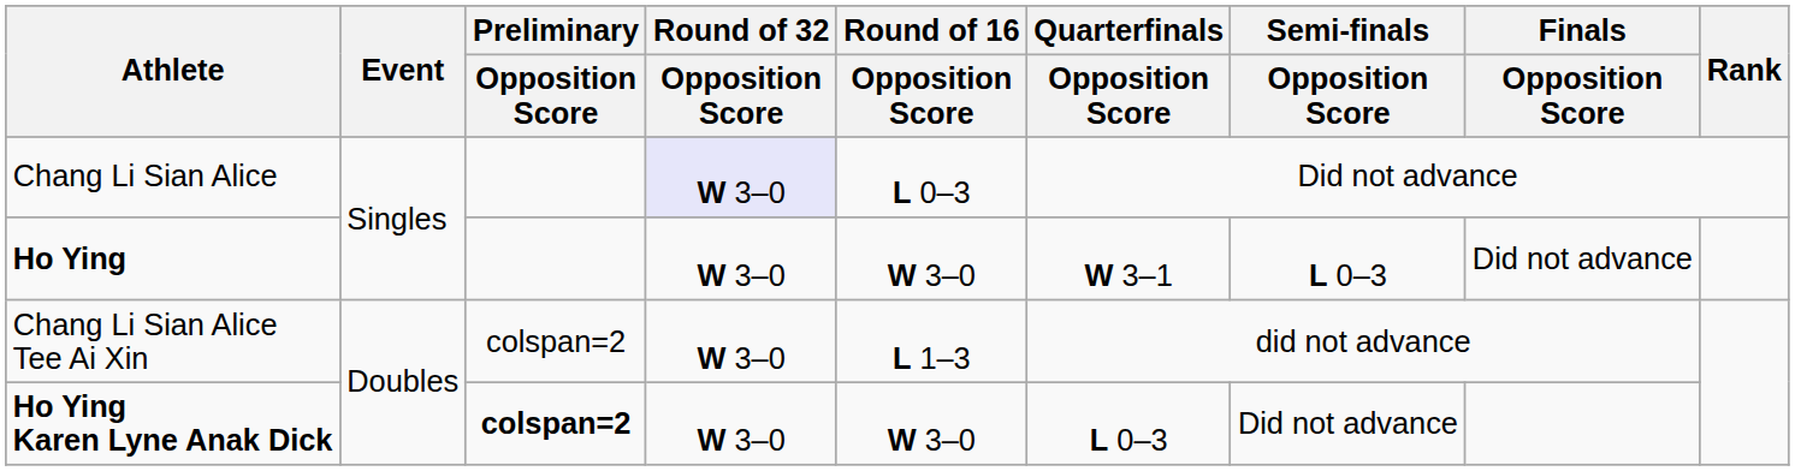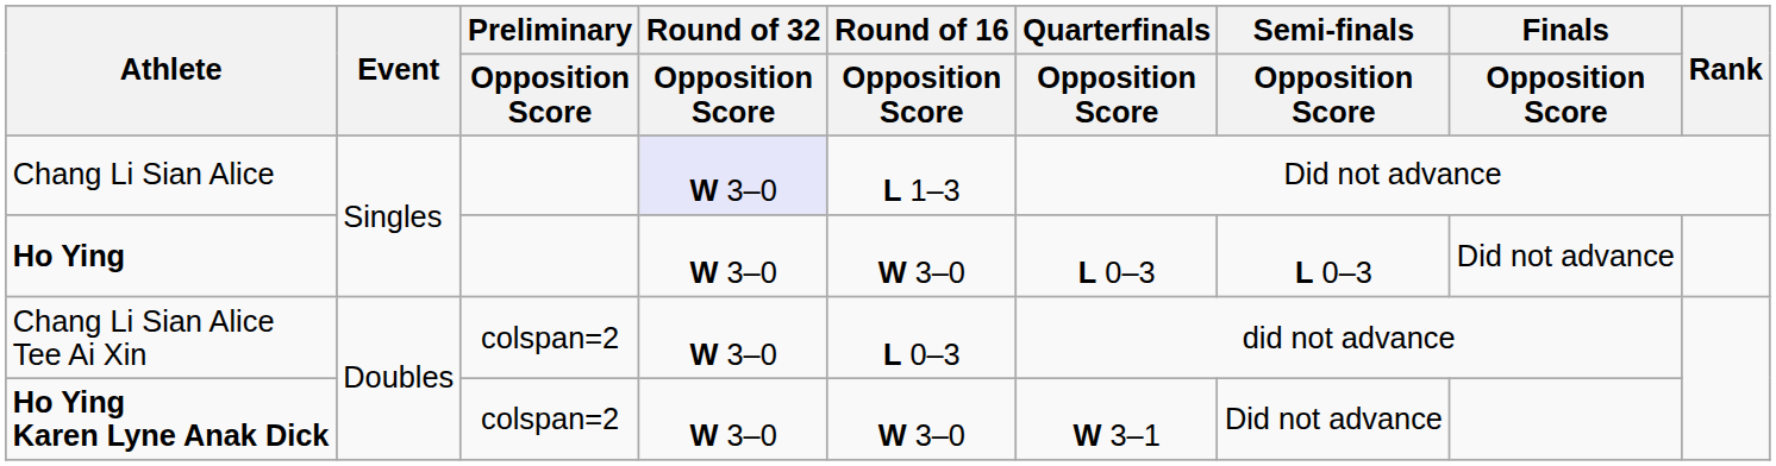 <table class="wikitable" style="font-size: 90%">
 <tr>
 <th rowspan="2">Athlete</th>
 <th rowspan="2">Event</th>
 <th>Preliminary</th>
 <th>Round of 32</th>
 <th>Round of 16</th>
 <th>Quarterfinals</th>
 <th>Semi-finals</th>
 <th>Finals</th>
 <th rowspan="2">Rank</th>
 </tr>
 <tr>
 <th>Opposition<br>Score</th>
 <th>Opposition<br>Score</th>
 <th>Opposition<br>Score</th>
 <th>Opposition<br>Score</th>
 <th>Opposition<br>Score</th>
 <th>Opposition<br>Score</th>
 </tr>
 <tr align="center">
 <td align="left">Chang Li Sian Alice</td>
 <td align="left" rowspan="2">Singles</td>
 <td></td>
 <td style="background: lavender;"><br><strong>W</strong> 3–0</td>
-<td><br><strong>L</strong> 0–3</td>
+<td><br><strong>L</strong> 1–3</td>
 <td colspan=4>Did not advance</td>
 </tr>
 <tr align="center">
 <td align="left"><strong>Ho Ying</strong></td>
 <td></td>
 <td><br><strong>W</strong> 3–0</td>
 <td><br><strong>W</strong> 3–0</td>
-<td><br><strong>W</strong> 3–1</td>
+<td><br><strong>L</strong> 0–3</td>
 <td><br><strong>L</strong> 0–3</td>
 <td>Did not advance</td>
 <td></td>
 </tr>
 <tr align="center">
 <td align="left">Chang Li Sian Alice<br>Tee Ai Xin</td>
 <td align="left" rowspan="2">Doubles</td>
 <td>colspan=2 </td>
 <td><br><strong>W</strong> 3–0</td>
-<td><br><strong>L</strong> 1–3</td>
+<td><br><strong>L</strong> 0–3</td>
 <td colspan=3>did not advance</td>
 </tr>
 <tr align="center">
 <td align="left"><strong>Ho Ying<br>Karen Lyne Anak Dick</strong></td>
-<td><strong>colspan=2 </strong></td>
+<td>colspan=2 </td>
 <td><br><strong>W</strong> 3–0</td>
 <td><br><strong>W</strong> 3–0</td>
-<td><br><strong>L</strong> 0–3</td>
+<td><br><strong>W</strong> 3–1</td>
 <td>Did not advance</td>
 <td></td>
 </tr>
 </table>
